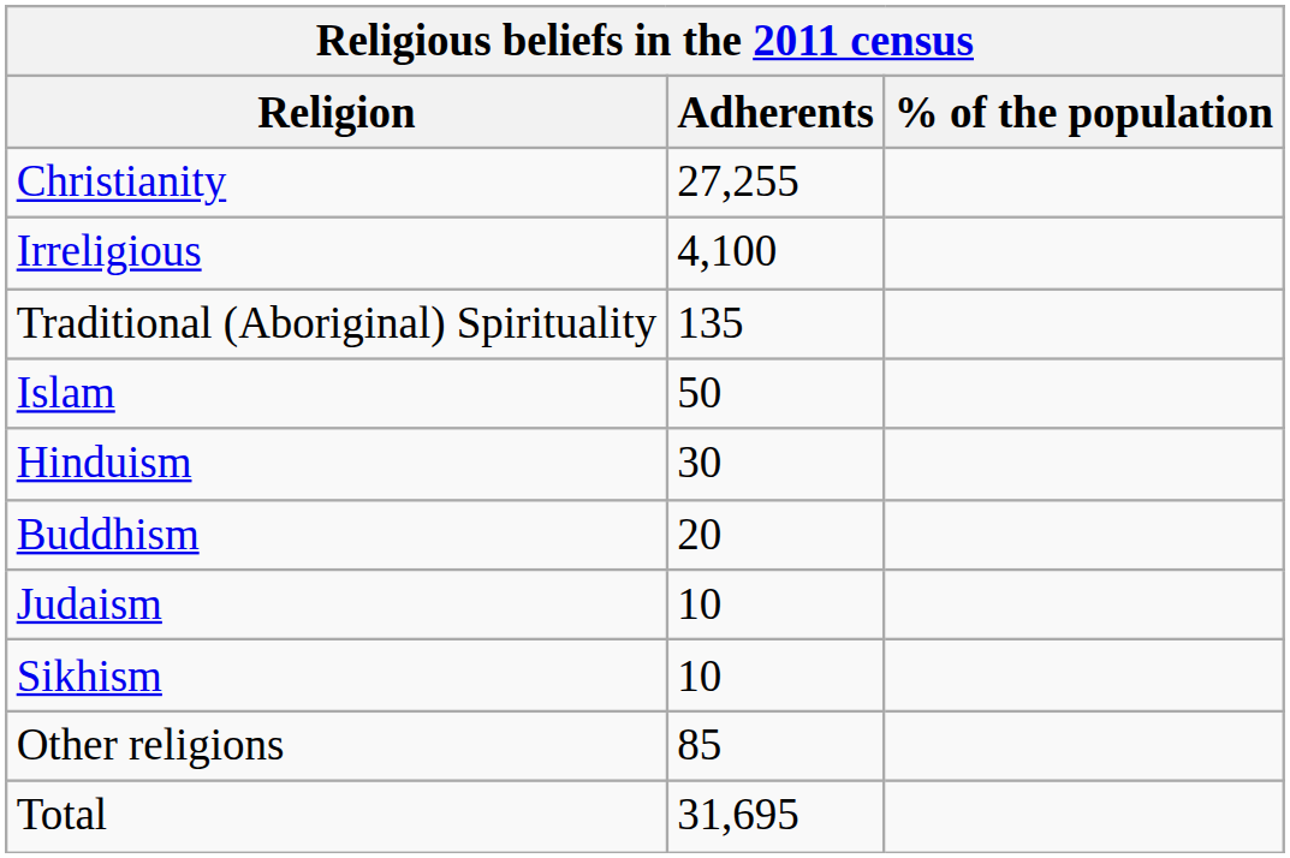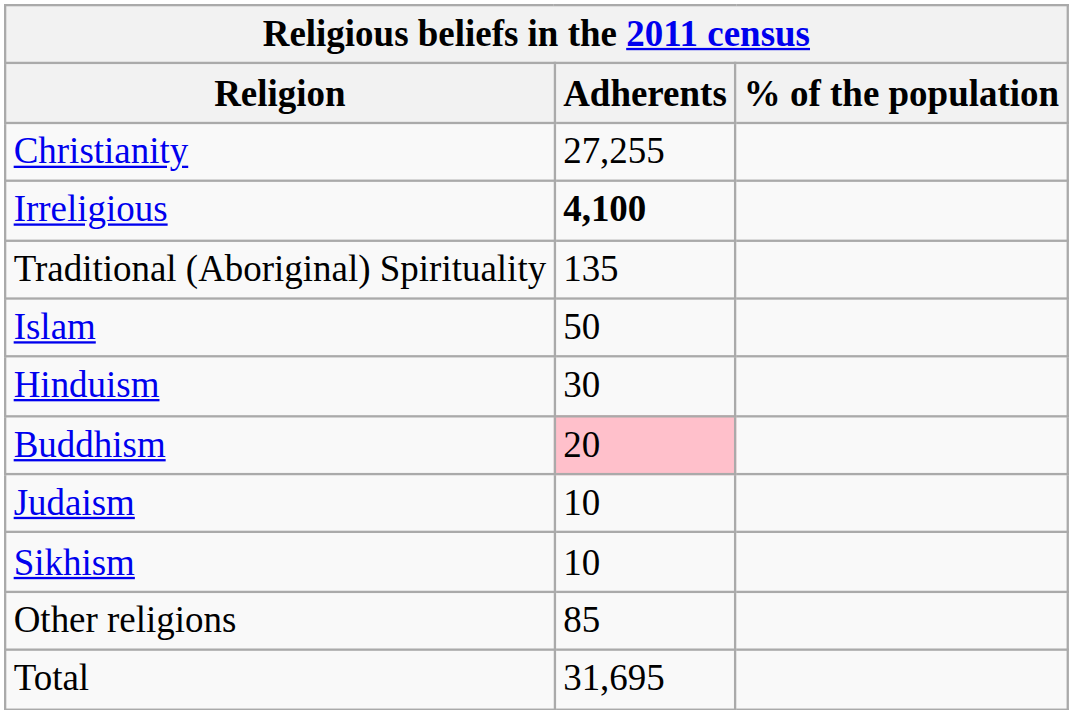 <table class="wikitable">
 <tr>
 <th colspan="3">Religious beliefs in the <a href='#'>2011 census</a></th>
 </tr>
 <tr>
 <th>Religion</th>
 <th>Adherents</th>
 <th>% of the population</th>
 </tr>
 <tr>
 <td><a href='#'>Christianity</a></td>
 <td>27,255</td>
 <td></td>
 </tr>
 <tr>
 <td><a href='#'>Irreligious</a></td>
-<td>4,100</td>
+<td><strong>4,100</strong></td>
 <td></td>
 </tr>
 <tr>
 <td>Traditional (Aboriginal) Spirituality</td>
 <td>135</td>
 <td></td>
 </tr>
 <tr>
 <td><a href='#'>Islam</a></td>
 <td>50</td>
 <td></td>
 </tr>
 <tr>
 <td><a href='#'>Hinduism</a></td>
 <td>30</td>
 <td></td>
 </tr>
 <tr>
 <td><a href='#'>Buddhism</a></td>
-<td>20</td>
+<td style="background: pink;">20</td>
 <td></td>
 </tr>
 <tr>
 <td><a href='#'>Judaism</a></td>
 <td>10</td>
 <td></td>
 </tr>
 <tr>
 <td><a href='#'>Sikhism</a></td>
 <td>10</td>
 <td></td>
 </tr>
 <tr>
 <td>Other religions</td>
 <td>85</td>
 <td></td>
 </tr>
 <tr>
 <td>Total</td>
 <td>31,695</td>
 <td></td>
 </tr>
 </table>
